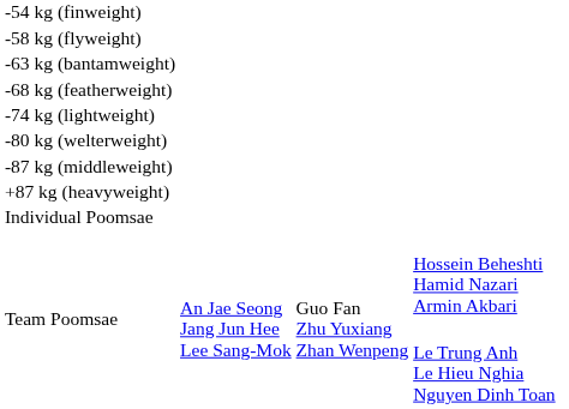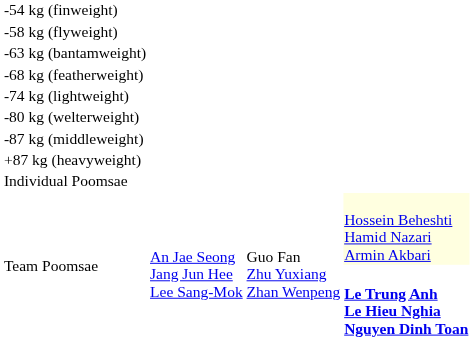 <table>
 <tr>
 <td rowspan=2>-54 kg (finweight)<br></td>
 <td rowspan=2></td>
 <td rowspan=2></td>
 <td></td>
 </tr>
 <tr>
 <td></td>
 </tr>
 <tr>
 <td rowspan=2>-58 kg (flyweight)<br></td>
 <td rowspan=2></td>
 <td rowspan=2></td>
 <td></td>
 </tr>
 <tr>
 <td></td>
 </tr>
 <tr>
 <td rowspan=2>-63 kg (bantamweight)<br></td>
 <td rowspan=2></td>
 <td rowspan=2></td>
 <td></td>
 </tr>
 <tr>
 <td></td>
 </tr>
 <tr>
 <td rowspan=2>-68 kg (featherweight)<br></td>
 <td rowspan=2></td>
 <td rowspan=2></td>
 <td></td>
 </tr>
 <tr>
 <td></td>
 </tr>
 <tr>
 <td rowspan=2>-74 kg (lightweight)<br></td>
 <td rowspan=2></td>
 <td rowspan=2></td>
 <td></td>
 </tr>
 <tr>
 <td></td>
 </tr>
 <tr>
 <td rowspan=2>-80 kg (welterweight)<br></td>
 <td rowspan=2></td>
 <td rowspan=2></td>
 <td></td>
 </tr>
 <tr>
 <td></td>
 </tr>
 <tr>
 <td rowspan=2>-87 kg (middleweight)<br></td>
 <td rowspan=2></td>
 <td rowspan=2></td>
 <td></td>
 </tr>
 <tr>
 <td></td>
 </tr>
 <tr>
 <td rowspan=2>+87 kg (heavyweight)<br></td>
 <td rowspan=2></td>
 <td rowspan=2></td>
 <td></td>
 </tr>
 <tr>
 <td></td>
 </tr>
 <tr>
 <td rowspan=2>Individual Poomsae<br></td>
 <td rowspan=2></td>
 <td rowspan=2></td>
 <td></td>
 </tr>
 <tr>
 <td></td>
 </tr>
 <tr>
 <td rowspan=2>Team Poomsae<br></td>
 <td rowspan=2><br><a href='#'>An Jae Seong</a><br><a href='#'>Jang Jun Hee</a><br><a href='#'>Lee Sang-Mok</a></td>
 <td rowspan=2><br>Guo Fan<br><a href='#'>Zhu Yuxiang</a><br><a href='#'>Zhan Wenpeng</a></td>
-<td><br><a href='#'>Hossein Beheshti</a><br><a href='#'>Hamid Nazari</a><br><a href='#'>Armin Akbari</a></td>
+<td style="background: lightyellow;"><br><a href='#'>Hossein Beheshti</a><br><a href='#'>Hamid Nazari</a><br><a href='#'>Armin Akbari</a></td>
 </tr>
 <tr>
-<td><br><a href='#'>Le Trung Anh</a><br><a href='#'>Le Hieu Nghia</a><br><a href='#'>Nguyen Dinh Toan</a></td>
+<td><strong><br><a href='#'>Le Trung Anh</a><br><a href='#'>Le Hieu Nghia</a><br><a href='#'>Nguyen Dinh Toan</a></strong></td>
 </tr>
 </table>
